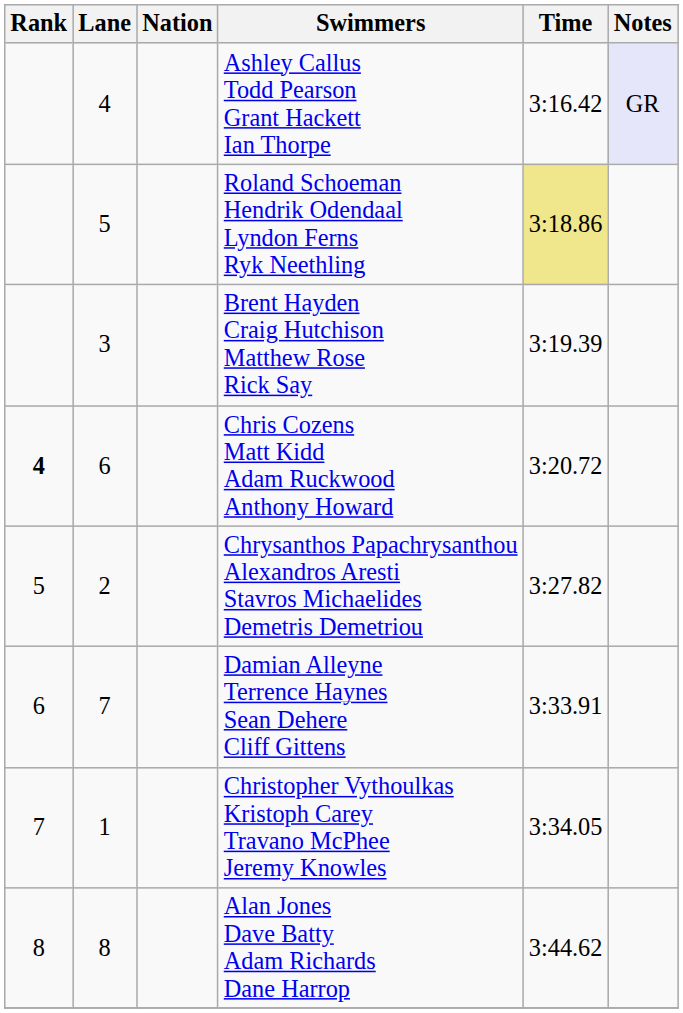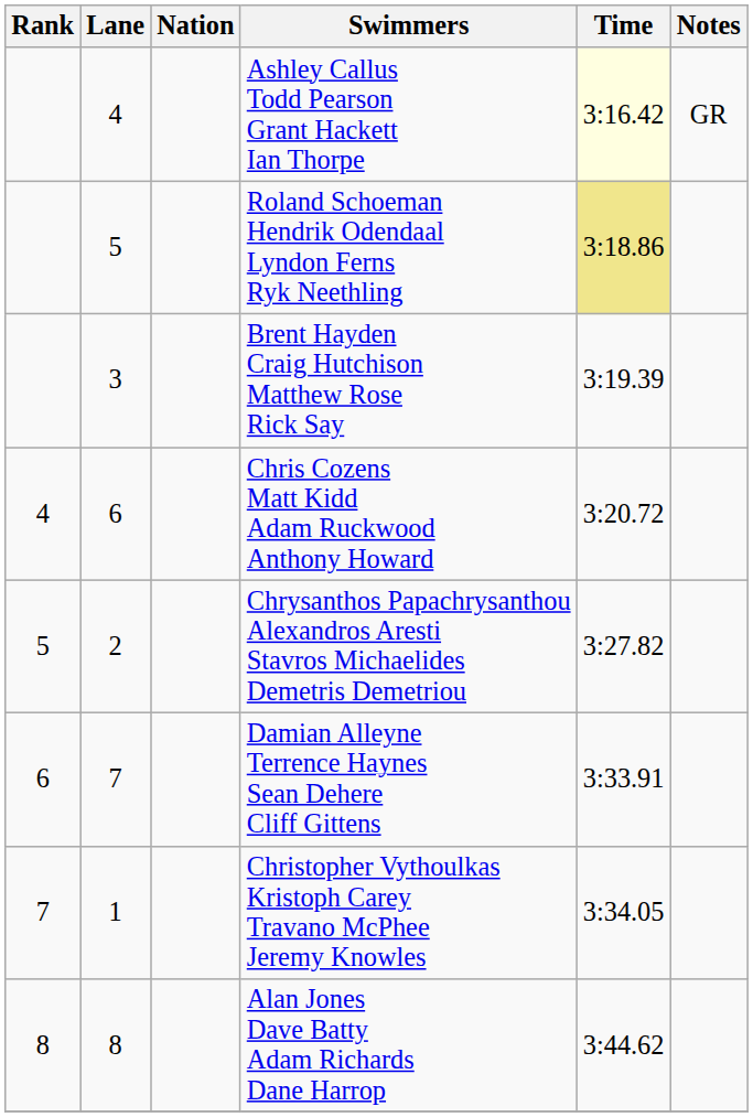 <table class="wikitable sortable" style="text-align:center">
 <tr>
 <th>Rank</th>
 <th>Lane</th>
 <th>Nation</th>
 <th>Swimmers</th>
 <th>Time</th>
 <th>Notes</th>
 </tr>
 <tr>
 <td></td>
 <td>4</td>
 <td align=left></td>
 <td align=left><a href='#'>Ashley Callus</a><br><a href='#'>Todd Pearson</a><br><a href='#'>Grant Hackett</a><br><a href='#'>Ian Thorpe</a></td>
-<td>3:16.42</td>
-<td style="background: lavender;">GR</td>
+<td style="background: lightyellow;">3:16.42</td>
+<td>GR</td>
 </tr>
 <tr>
 <td></td>
 <td>5</td>
 <td align=left></td>
 <td align=left><a href='#'>Roland Schoeman</a><br><a href='#'>Hendrik Odendaal</a><br><a href='#'>Lyndon Ferns</a><br><a href='#'>Ryk Neethling</a></td>
 <td style="background: khaki;">3:18.86</td>
 <td></td>
 </tr>
 <tr>
 <td></td>
 <td>3</td>
 <td align=left></td>
 <td align=left><a href='#'>Brent Hayden</a><br><a href='#'>Craig Hutchison</a><br><a href='#'>Matthew Rose</a><br><a href='#'>Rick Say</a></td>
 <td>3:19.39</td>
 <td></td>
 </tr>
 <tr>
-<td><strong>4</strong></td>
+<td>4</td>
 <td>6</td>
 <td align=left></td>
 <td align=left><a href='#'>Chris Cozens</a><br><a href='#'>Matt Kidd</a><br><a href='#'>Adam Ruckwood</a><br><a href='#'>Anthony Howard</a></td>
 <td>3:20.72</td>
 <td></td>
 </tr>
 <tr>
 <td>5</td>
 <td>2</td>
 <td align=left></td>
 <td align=left><a href='#'>Chrysanthos Papachrysanthou</a><br><a href='#'>Alexandros Aresti</a><br><a href='#'>Stavros Michaelides</a><br><a href='#'>Demetris Demetriou</a></td>
 <td>3:27.82</td>
 <td></td>
 </tr>
 <tr>
 <td>6</td>
 <td>7</td>
 <td align=left></td>
 <td align=left><a href='#'>Damian Alleyne</a><br><a href='#'>Terrence Haynes</a><br><a href='#'>Sean Dehere</a><br><a href='#'>Cliff Gittens</a></td>
 <td>3:33.91</td>
 <td></td>
 </tr>
 <tr>
 <td>7</td>
 <td>1</td>
 <td align=left></td>
 <td align=left><a href='#'>Christopher Vythoulkas</a><br><a href='#'>Kristoph Carey</a><br><a href='#'>Travano McPhee</a><br><a href='#'>Jeremy Knowles</a></td>
 <td>3:34.05</td>
 <td></td>
 </tr>
 <tr>
 <td>8</td>
 <td>8</td>
 <td align=left></td>
 <td align=left><a href='#'>Alan Jones</a><br><a href='#'>Dave Batty</a><br><a href='#'>Adam Richards</a><br><a href='#'>Dane Harrop</a></td>
 <td>3:44.62</td>
 <td></td>
 </tr>
 <tr>
 </tr>
 </table>
